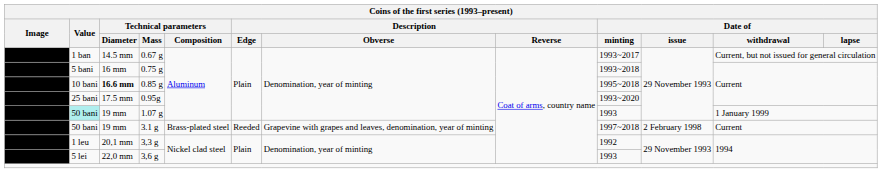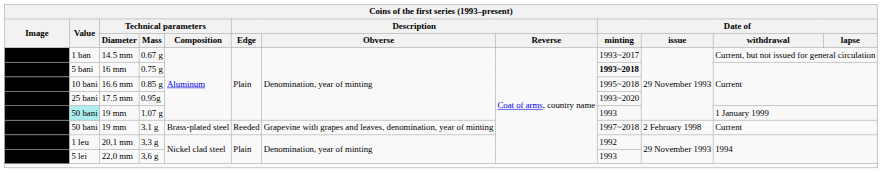 <table class="wikitable" style="font-size: 90%">
 <tr>
 <th colspan="13">Coins of the first series (1993–present)</th>
 </tr>
 <tr>
 <th rowspan="2">Image</th>
 <th rowspan="2">Value</th>
 <th colspan="3">Technical parameters</th>
 <th colspan="3">Description</th>
 <th colspan="4">Date of</th>
 </tr>
 <tr>
 <th>Diameter</th>
 <th>Mass</th>
 <th>Composition</th>
 <th>Edge</th>
 <th>Obverse</th>
 <th>Reverse</th>
 <th>minting</th>
 <th>issue</th>
 <th>withdrawal</th>
 <th>lapse</th>
 </tr>
 <tr>
 <td align="center" bgcolor="#000000" width="100px"></td>
 <td>1 ban</td>
 <td>14.5 mm</td>
 <td>0.67 g</td>
 <td rowspan="5"><a href='#'>Aluminum</a></td>
 <td rowspan="5">Plain</td>
 <td rowspan="5">Denomination, year of minting</td>
 <td rowspan="8"><a href='#'>Coat of arms</a>, country name</td>
 <td>1993~2017</td>
 <td rowspan="5">29 November 1993</td>
 <td colspan="2">Current, but not issued for general circulation</td>
 </tr>
 <tr>
 <td align="center" bgcolor="#000000"></td>
 <td>5 bani</td>
 <td>16 mm</td>
 <td>0.75 g</td>
-<td>1993~2018</td>
+<td><strong>1993~2018</strong></td>
 <td rowspan="3" colspan="2">Current</td>
 </tr>
 <tr>
 <td align="center" bgcolor="#000000"></td>
 <td>10 bani</td>
-<td><strong>16.6 mm</strong></td>
+<td>16.6 mm</td>
 <td>0.85 g</td>
 <td>1995~2018</td>
 </tr>
 <tr>
 <td align="center" bgcolor="#000000"></td>
 <td>25 bani</td>
 <td>17.5 mm</td>
 <td>0.95g</td>
 <td>1993~2020</td>
 </tr>
 <tr>
 <td align="center" bgcolor="#000000"></td>
 <td style="background: paleturquoise;">50 bani</td>
 <td>19 mm</td>
 <td>1.07 g</td>
 <td>1993</td>
 <td colspan="2">1 January 1999</td>
 </tr>
 <tr>
 <td align="center" bgcolor="#000000"></td>
 <td>50 bani</td>
 <td>19 mm</td>
 <td>3.1 g</td>
 <td>Brass-plated steel</td>
 <td>Reeded</td>
 <td>Grapevine with grapes and leaves, denomination, year of minting</td>
 <td>1997~2018</td>
 <td>2 February 1998</td>
 <td colspan="2">Current</td>
 </tr>
 <tr>
 <td align="center" bgcolor="#000000"></td>
 <td>1 leu</td>
 <td>20,1 mm</td>
 <td>3,3 g</td>
 <td rowspan="2">Nickel clad steel</td>
 <td rowspan="2">Plain</td>
 <td rowspan="2">Denomination, year of minting</td>
 <td>1992</td>
 <td rowspan="2">29 November 1993</td>
 <td rowspan="2" colspan="2">1994</td>
 </tr>
 <tr>
 <td align="center" bgcolor="#000000"></td>
 <td>5 lei</td>
 <td>22,0 mm</td>
 <td>3,6 g</td>
 <td>1993</td>
 </tr>
 <tr>
 <td colspan="16"></td>
 </tr>
 </table>
